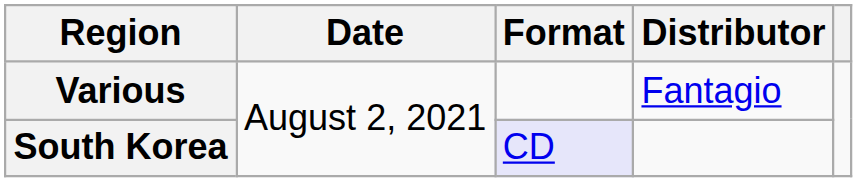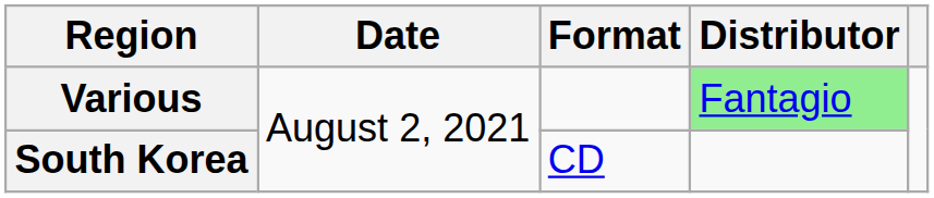 <table class="wikitable plainrowheaders">
 <tr>
 <th>Region</th>
 <th>Date</th>
 <th>Format</th>
 <th>Distributor</th>
 <th></th>
 </tr>
 <tr>
 <th scope="row">Various</th>
 <td rowspan="2">August 2, 2021</td>
 <td></td>
-<td><a href='#'>Fantagio</a></td>
+<td style="background: lightgreen;"><a href='#'>Fantagio</a></td>
 <td rowspan="2"></td>
 </tr>
 <tr>
 <th scope="row">South Korea</th>
-<td style="background: lavender;"><a href='#'>CD</a></td>
+<td><a href='#'>CD</a></td>
 <td></td>
 </tr>
 </table>
